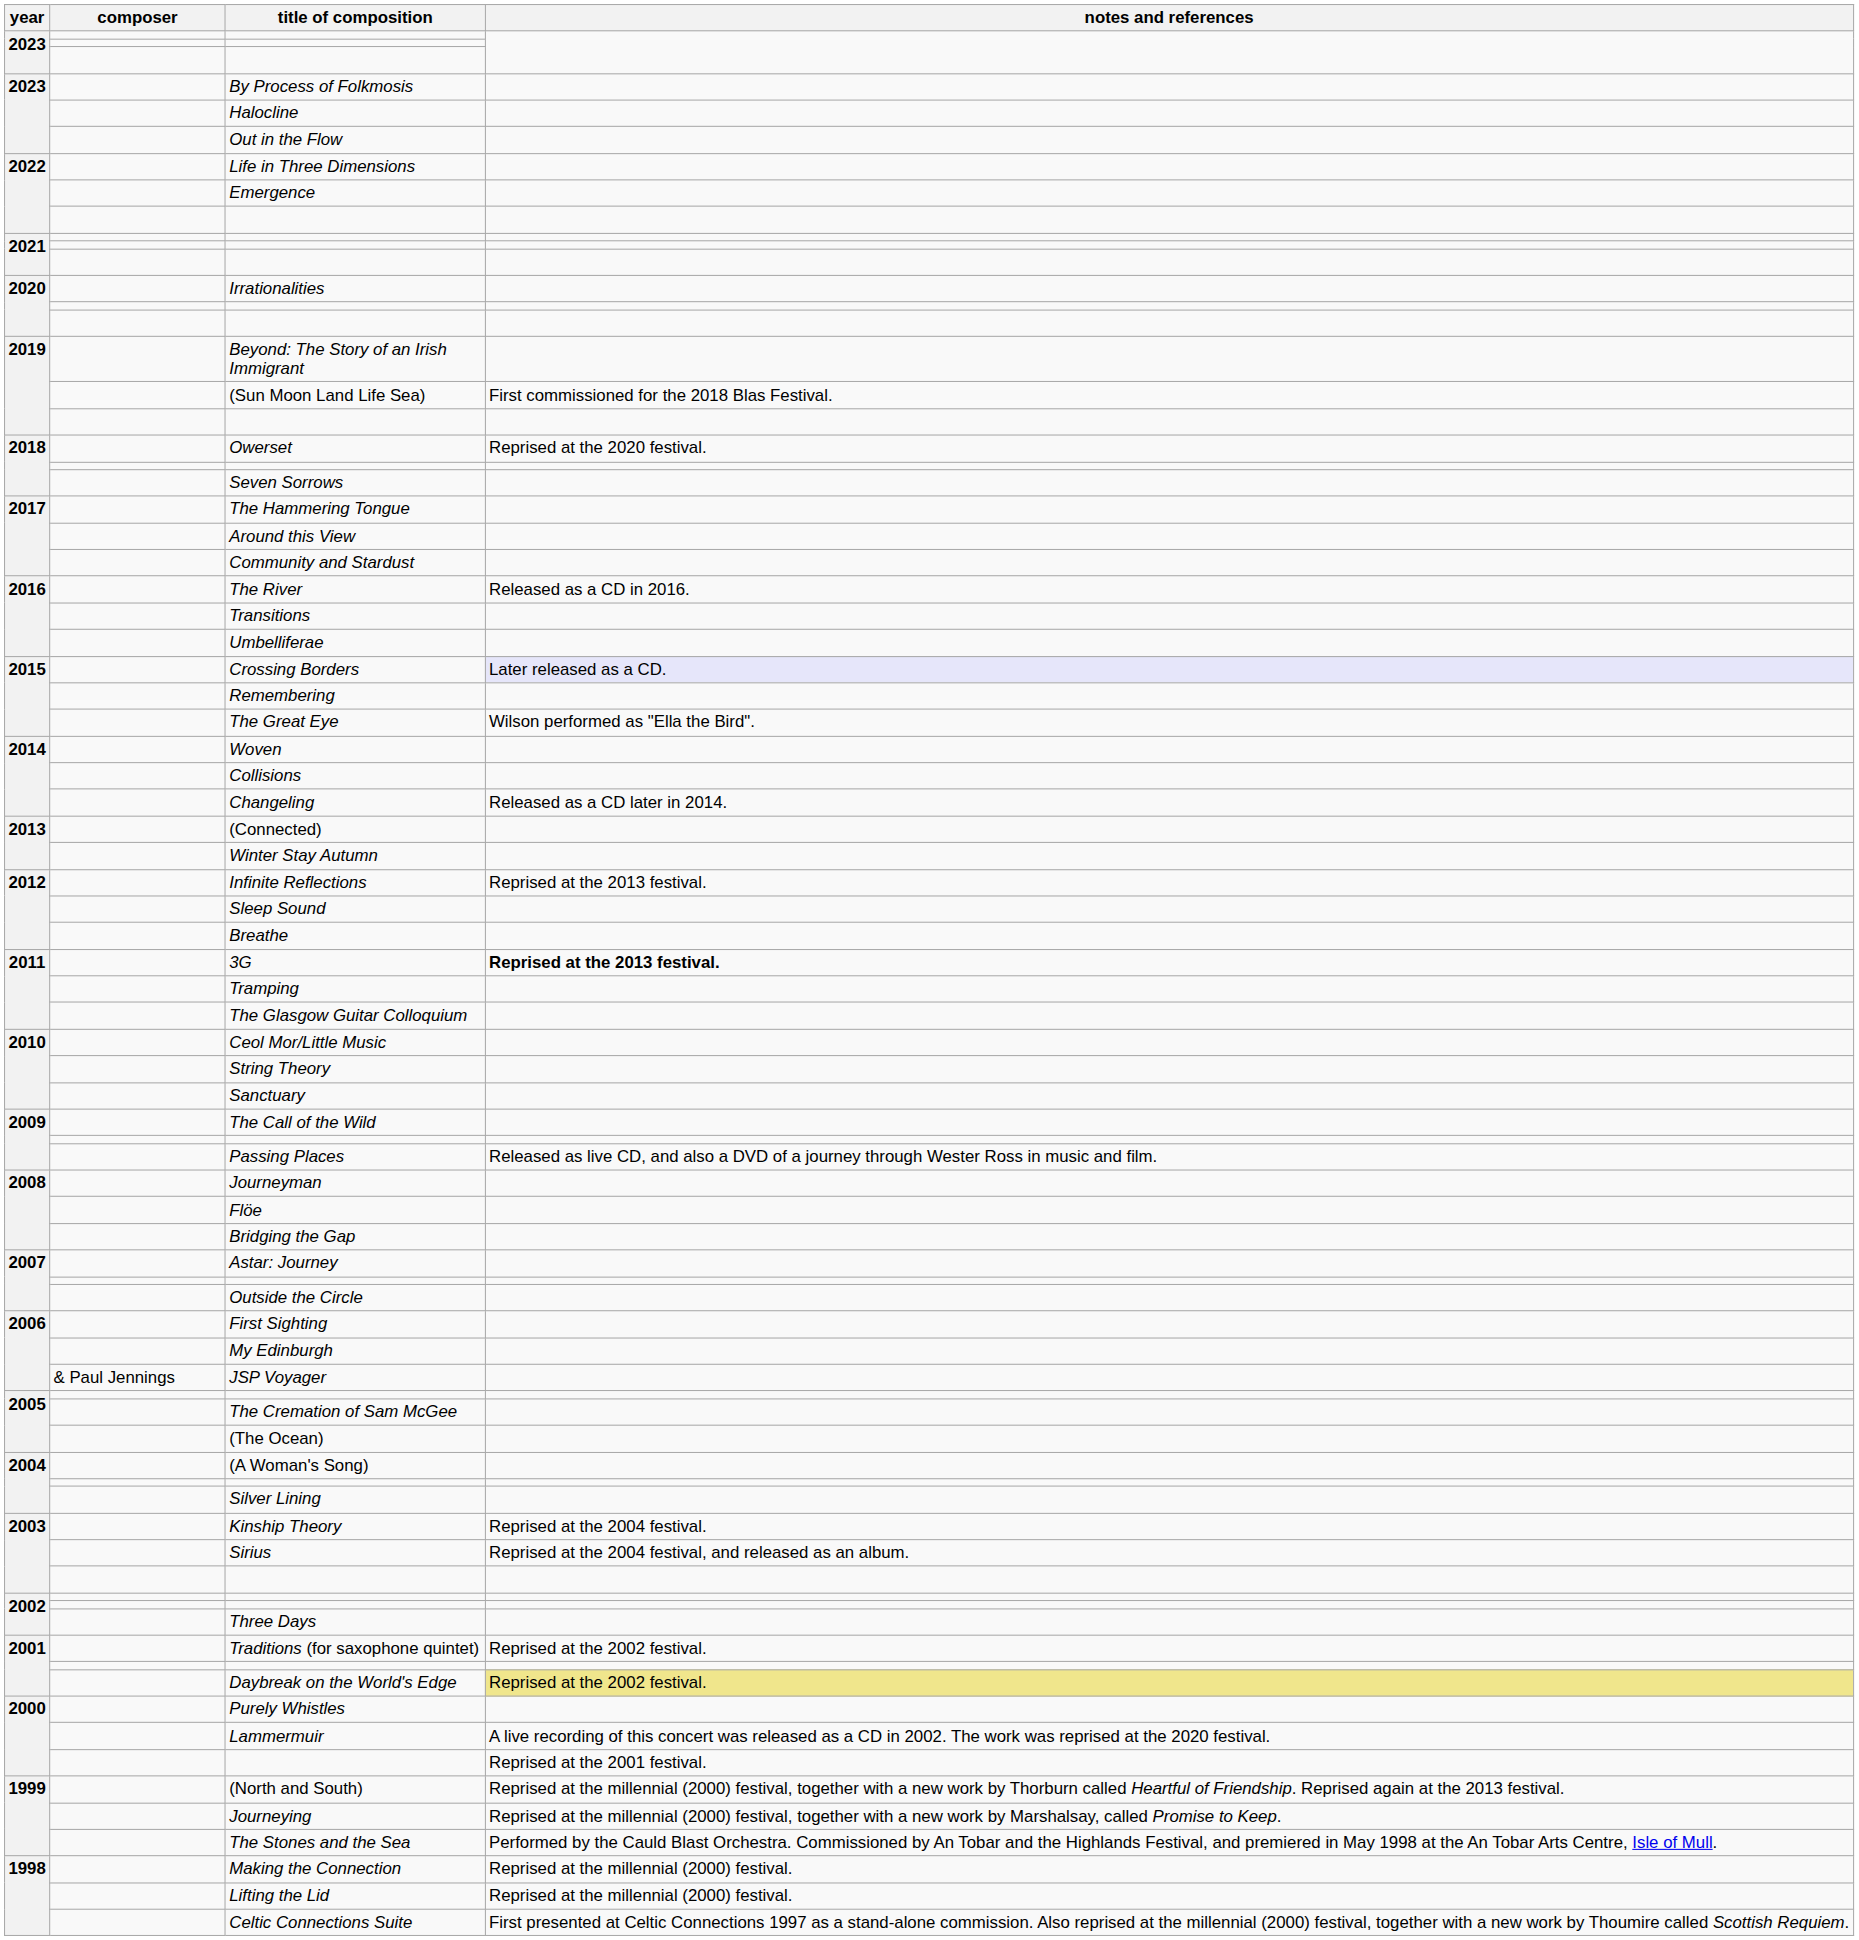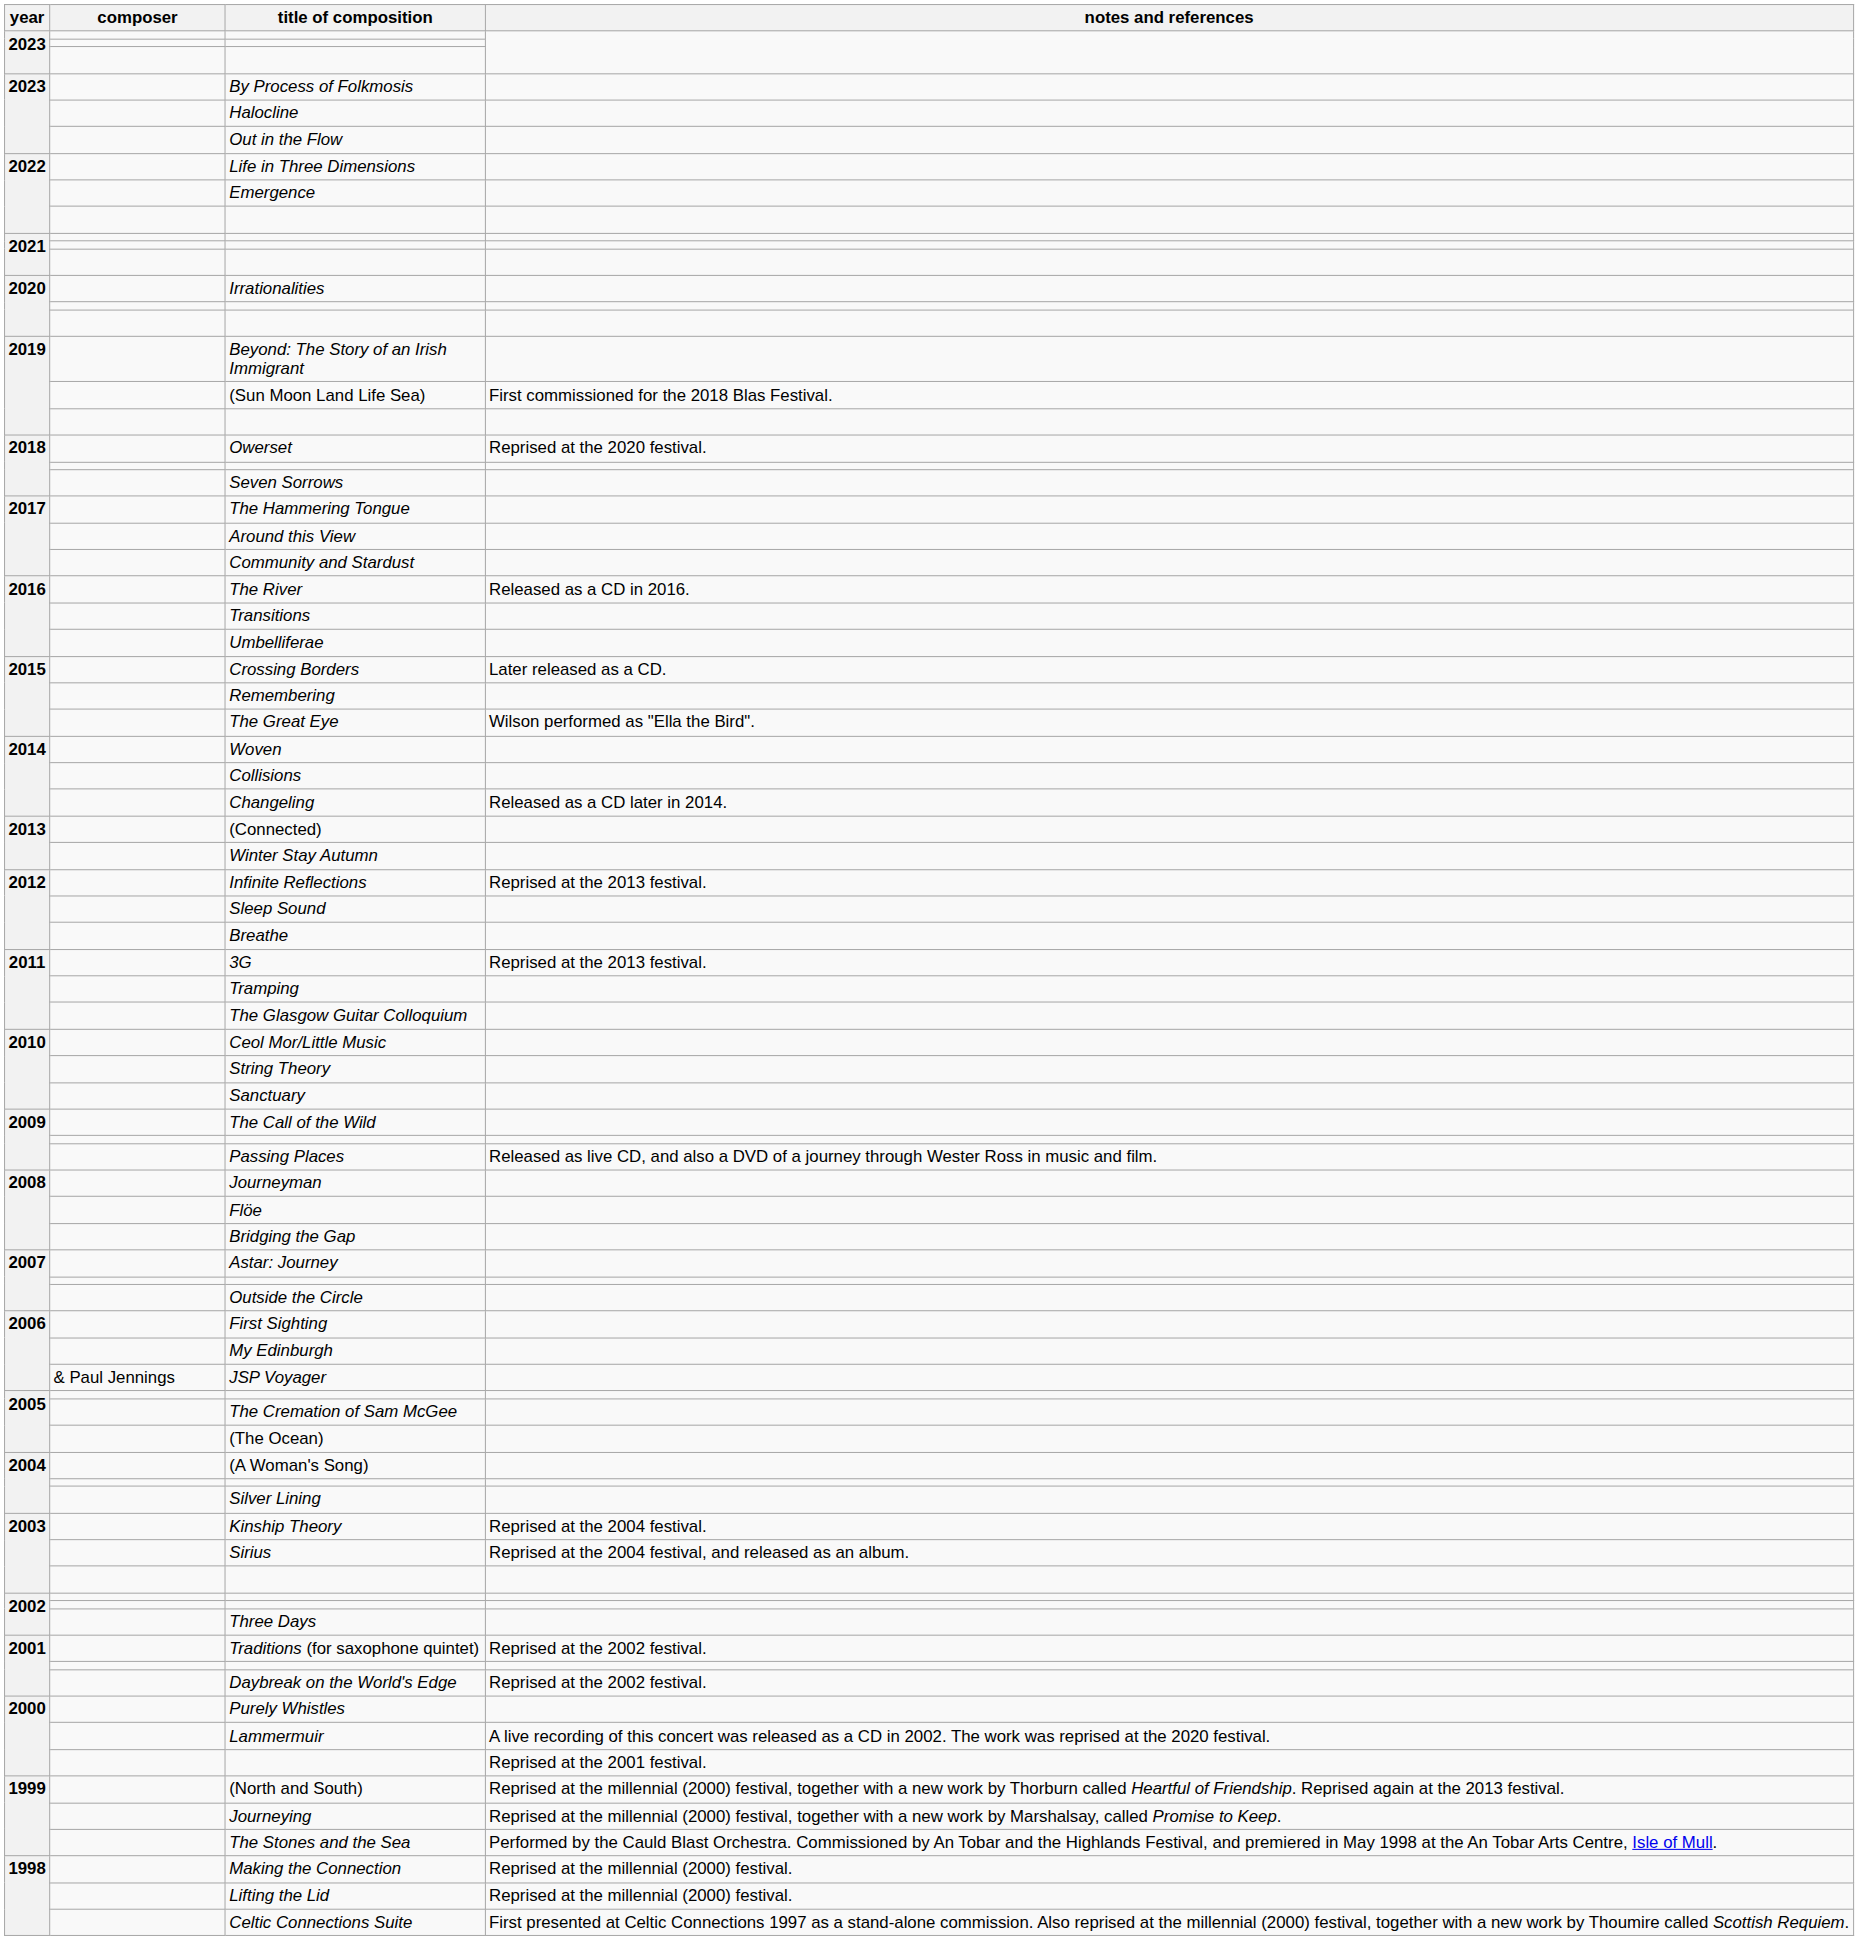 <table class="wikitable plainrowheaders sortable">
 <tr>
 <th scope="col">year</th>
 <th scope="col" style="width:10em;">composer</th>
 <th scope="col" class="unsortable" style="width:15em;">title of composition</th>
 <th scope="col" class="unsortable">notes and references<br></th>
 </tr>
 <tr style="vertical-align: top;">
 <th scope="row" rowspan="3">2023</th>
 <td></td>
 <td></td>
 </tr>
 <tr>
 <td></td>
 <td></td>
 </tr>
 <tr>
 <td></td>
 <td><br></td>
 </tr>
 <tr style="vertical-align: top;">
 <th scope="row" rowspan="3">2023</th>
 <td></td>
 <td><em>By Process of Folkmosis</em></td>
 <td></td>
 </tr>
 <tr>
 <td></td>
 <td><em>Halocline</em></td>
 <td></td>
 </tr>
 <tr>
 <td></td>
 <td><em>Out in the Flow</em></td>
 <td><br></td>
 </tr>
 <tr style="vertical-align: top;">
 <th scope="row" rowspan="3">2022</th>
 <td></td>
 <td><em>Life in Three Dimensions</em></td>
 <td></td>
 </tr>
 <tr>
 <td></td>
 <td><em>Emergence</em></td>
 <td></td>
 </tr>
 <tr>
 <td></td>
 <td></td>
 <td><br></td>
 </tr>
 <tr style="vertical-align: top;">
 <th scope="row" rowspan="3">2021</th>
 <td></td>
 <td></td>
 <td></td>
 </tr>
 <tr>
 <td></td>
 <td></td>
 <td></td>
 </tr>
 <tr>
 <td></td>
 <td></td>
 <td><br></td>
 </tr>
 <tr style="vertical-align: top;">
 <th scope="row" rowspan="3">2020</th>
 <td></td>
 <td><em>Irrationalities</em></td>
 <td></td>
 </tr>
 <tr>
 <td></td>
 <td></td>
 <td></td>
 </tr>
 <tr>
 <td></td>
 <td></td>
 <td><br></td>
 </tr>
 <tr style="vertical-align: top;">
 <th scope="row" rowspan="3">2019</th>
 <td></td>
 <td><em>Beyond: The Story of an Irish Immigrant</em></td>
 <td></td>
 </tr>
 <tr style="vertical-align: top;">
 <td></td>
 <td> (Sun  Moon  Land  Life  Sea)</td>
 <td>First commissioned for the 2018 Blas Festival.</td>
 </tr>
 <tr>
 <td></td>
 <td></td>
 <td><br></td>
 </tr>
 <tr style="vertical-align: top;">
 <th scope="row" rowspan="3">2018</th>
 <td></td>
 <td><em>Owerset</em></td>
 <td>Reprised at the 2020 festival.</td>
 </tr>
 <tr>
 <td></td>
 <td></td>
 <td></td>
 </tr>
 <tr>
 <td></td>
 <td><em>Seven Sorrows</em></td>
 <td><br></td>
 </tr>
 <tr style="vertical-align: top;">
 <th scope="row" rowspan="3">2017</th>
 <td></td>
 <td><em>The Hammering Tongue</em></td>
 <td></td>
 </tr>
 <tr>
 <td></td>
 <td><em>Around this View</em></td>
 <td></td>
 </tr>
 <tr>
 <td></td>
 <td><em>Community and Stardust</em></td>
 <td><br></td>
 </tr>
 <tr style="vertical-align: top;">
 <th scope="row" rowspan="3">2016</th>
 <td></td>
 <td><em>The River</em></td>
 <td>Released as a CD in 2016.</td>
 </tr>
 <tr>
 <td></td>
 <td><em>Transitions</em></td>
 <td></td>
 </tr>
 <tr>
 <td></td>
 <td><em>Umbelliferae</em></td>
 <td><br></td>
 </tr>
 <tr style="vertical-align: top;">
 <th scope="row" rowspan="3">2015</th>
 <td></td>
 <td><em>Crossing Borders</em></td>
-<td style="background: lavender;">Later released as a CD.</td>
+<td>Later released as a CD.</td>
 </tr>
 <tr>
 <td></td>
 <td><em>Remembering</em></td>
 <td></td>
 </tr>
 <tr>
 <td></td>
 <td><em>The Great Eye</em></td>
 <td>Wilson performed as "Ella the Bird".<br></td>
 </tr>
 <tr style="vertical-align: top;">
 <th scope="row"  rowspan="3">2014</th>
 <td></td>
 <td><em>Woven</em></td>
 <td></td>
 </tr>
 <tr>
 <td></td>
 <td><em>Collisions</em></td>
 <td></td>
 </tr>
 <tr>
 <td></td>
 <td><em>Changeling</em></td>
 <td>Released as a CD later in 2014.<br></td>
 </tr>
 <tr style="vertical-align: top;">
 <th scope="row" rowspan="2">2013</th>
 <td></td>
 <td> (Connected)</td>
 <td></td>
 </tr>
 <tr>
 <td></td>
 <td><em>Winter Stay Autumn</em></td>
 <td><br></td>
 </tr>
 <tr style="vertical-align: top;">
 <th scope="row" rowspan="3">2012</th>
 <td></td>
 <td><em>Infinite Reflections</em></td>
 <td>Reprised at the 2013 festival.</td>
 </tr>
 <tr>
 <td></td>
 <td><em>Sleep Sound</em></td>
 <td></td>
 </tr>
 <tr>
 <td></td>
 <td><em>Breathe</em></td>
 <td><br></td>
 </tr>
 <tr style="vertical-align: top;">
 <th scope="row" rowspan="3">2011</th>
 <td></td>
 <td><em>3G</em></td>
-<td><strong>Reprised at the 2013 festival.</strong></td>
+<td>Reprised at the 2013 festival.</td>
 </tr>
 <tr>
 <td></td>
 <td><em>Tramping</em></td>
 <td></td>
 </tr>
 <tr style="vertical-align: top;">
 <td></td>
 <td><em>The Glasgow Guitar Colloquium</em></td>
 <td><br></td>
 </tr>
 <tr style="vertical-align: top;">
 <th scope="row" rowspan="3">2010</th>
 <td></td>
 <td><em>Ceol Mor/Little Music</em></td>
 <td></td>
 </tr>
 <tr>
 <td></td>
 <td><em>String Theory</em></td>
 <td></td>
 </tr>
 <tr>
 <td></td>
 <td><em>Sanctuary</em></td>
 <td><br></td>
 </tr>
 <tr style="vertical-align: top;">
 <th scope="row" rowspan="3">2009</th>
 <td></td>
 <td><em>The Call of the Wild</em></td>
 <td></td>
 </tr>
 <tr style="vertical-align: top;">
 <td></td>
 <td></td>
 <td></td>
 </tr>
 <tr style="vertical-align: top;">
 <td></td>
 <td><em>Passing Places</em></td>
 <td>Released as live CD, and also a DVD of a journey through Wester Ross in music and film.<br></td>
 </tr>
 <tr style="vertical-align: top;">
 <th scope="row" rowspan="3">2008</th>
 <td></td>
 <td><em>Journeyman</em></td>
 <td></td>
 </tr>
 <tr>
 <td></td>
 <td><em>Flöe</em></td>
 <td></td>
 </tr>
 <tr>
 <td></td>
 <td><em>Bridging the Gap</em></td>
 <td><br></td>
 </tr>
 <tr style="vertical-align: top;">
 <th scope="row" rowspan="3">2007</th>
 <td></td>
 <td><em>Astar: Journey</em></td>
 <td></td>
 </tr>
 <tr>
 <td></td>
 <td></td>
 <td></td>
 </tr>
 <tr>
 <td></td>
 <td><em>Outside the Circle</em></td>
 <td><br></td>
 </tr>
 <tr style="vertical-align: top;">
 <th scope="row" rowspan="3">2006</th>
 <td></td>
 <td><em>First Sighting</em></td>
 <td></td>
 </tr>
 <tr>
 <td></td>
 <td><em>My Edinburgh</em></td>
 <td></td>
 </tr>
 <tr style="vertical-align: top;">
 <td> & Paul Jennings</td>
 <td><em>JSP Voyager</em></td>
 <td><br></td>
 </tr>
 <tr style="vertical-align: top;">
 <th scope="row"  rowspan="3">2005</th>
 <td></td>
 <td></td>
 <td></td>
 </tr>
 <tr>
 <td></td>
 <td><em>The Cremation of Sam McGee</em></td>
 <td></td>
 </tr>
 <tr>
 <td></td>
 <td> (The Ocean)</td>
 <td><br></td>
 </tr>
 <tr style="vertical-align: top;">
 <th scope="row" rowspan="3">2004</th>
 <td></td>
 <td> (A Woman's Song)</td>
 <td></td>
 </tr>
 <tr>
 <td></td>
 <td></td>
 <td></td>
 </tr>
 <tr>
 <td></td>
 <td><em>Silver Lining</em></td>
 <td><br></td>
 </tr>
 <tr style="vertical-align: top;">
 <th scope="row" rowspan="3">2003</th>
 <td></td>
 <td><em>Kinship Theory</em></td>
 <td>Reprised at the 2004 festival.</td>
 </tr>
 <tr>
 <td></td>
 <td><em>Sirius</em></td>
 <td>Reprised at the 2004 festival, and released as an album.</td>
 </tr>
 <tr>
 <td></td>
 <td></td>
 <td><br></td>
 </tr>
 <tr style="vertical-align: top;">
 <th scope="row" rowspan="3">2002</th>
 <td></td>
 <td></td>
 <td></td>
 </tr>
 <tr>
 <td></td>
 <td></td>
 <td></td>
 </tr>
 <tr>
 <td></td>
 <td><em>Three Days</em></td>
 <td><br></td>
 </tr>
 <tr style="vertical-align: top;">
 <th scope="row" rowspan="3">2001</th>
 <td></td>
 <td><em>Traditions</em> (for saxophone quintet)</td>
 <td>Reprised at the 2002 festival.</td>
 </tr>
 <tr>
 <td></td>
 <td></td>
 <td></td>
 </tr>
 <tr style="vertical-align: top;">
 <td></td>
 <td><em>Daybreak on the World's Edge</em></td>
-<td style="background: khaki;">Reprised at the 2002 festival.<br></td>
+<td>Reprised at the 2002 festival.<br></td>
 </tr>
 <tr style="vertical-align: top;">
 <th scope="row" rowspan="3">2000</th>
 <td></td>
 <td><em>Purely Whistles</em></td>
 <td></td>
 </tr>
 <tr style="vertical-align: top;">
 <td></td>
 <td><em>Lammermuir</em></td>
 <td>A live recording of this concert was released as a CD in 2002. The work was reprised at the 2020 festival.</td>
 </tr>
 <tr>
 <td></td>
 <td></td>
 <td>Reprised at the 2001 festival.<br></td>
 </tr>
 <tr style="vertical-align: top;">
 <th scope="row" rowspan="3">1999</th>
 <td></td>
 <td> (North and South)</td>
 <td>Reprised at the millennial (2000) festival, together with a new work by Thorburn called <em>Heartful of Friendship</em>. Reprised again at the 2013 festival. </td>
 </tr>
 <tr style="vertical-align: top;">
 <td></td>
 <td><em>Journeying</em></td>
 <td>Reprised at the millennial (2000) festival, together with a new work by Marshalsay, called <em>Promise to Keep</em>.</td>
 </tr>
 <tr style="vertical-align: top;">
 <td></td>
 <td><em>The Stones and the Sea</em></td>
 <td>Performed by the Cauld Blast Orchestra. Commissioned by An Tobar and the Highlands Festival, and premiered in May 1998 at the An Tobar Arts Centre, <a href='#'>Isle of Mull</a>.<br></td>
 </tr>
 <tr style="vertical-align: top;">
 <th scope="row" rowspan="3">1998</th>
 <td></td>
 <td><em>Making the Connection</em></td>
 <td>Reprised at the millennial (2000) festival.</td>
 </tr>
 <tr style="vertical-align: top;">
 <td></td>
 <td><em>Lifting the Lid</em></td>
 <td>Reprised at the millennial (2000) festival.</td>
 </tr>
 <tr style="vertical-align: top;">
 <td></td>
 <td><em>Celtic Connections Suite</em></td>
 <td>First presented at Celtic Connections 1997 as a stand-alone commission. Also reprised at the millennial (2000) festival, together with a new work by Thoumire called <em>Scottish Requiem</em>.</td>
 </tr>
 </table>
